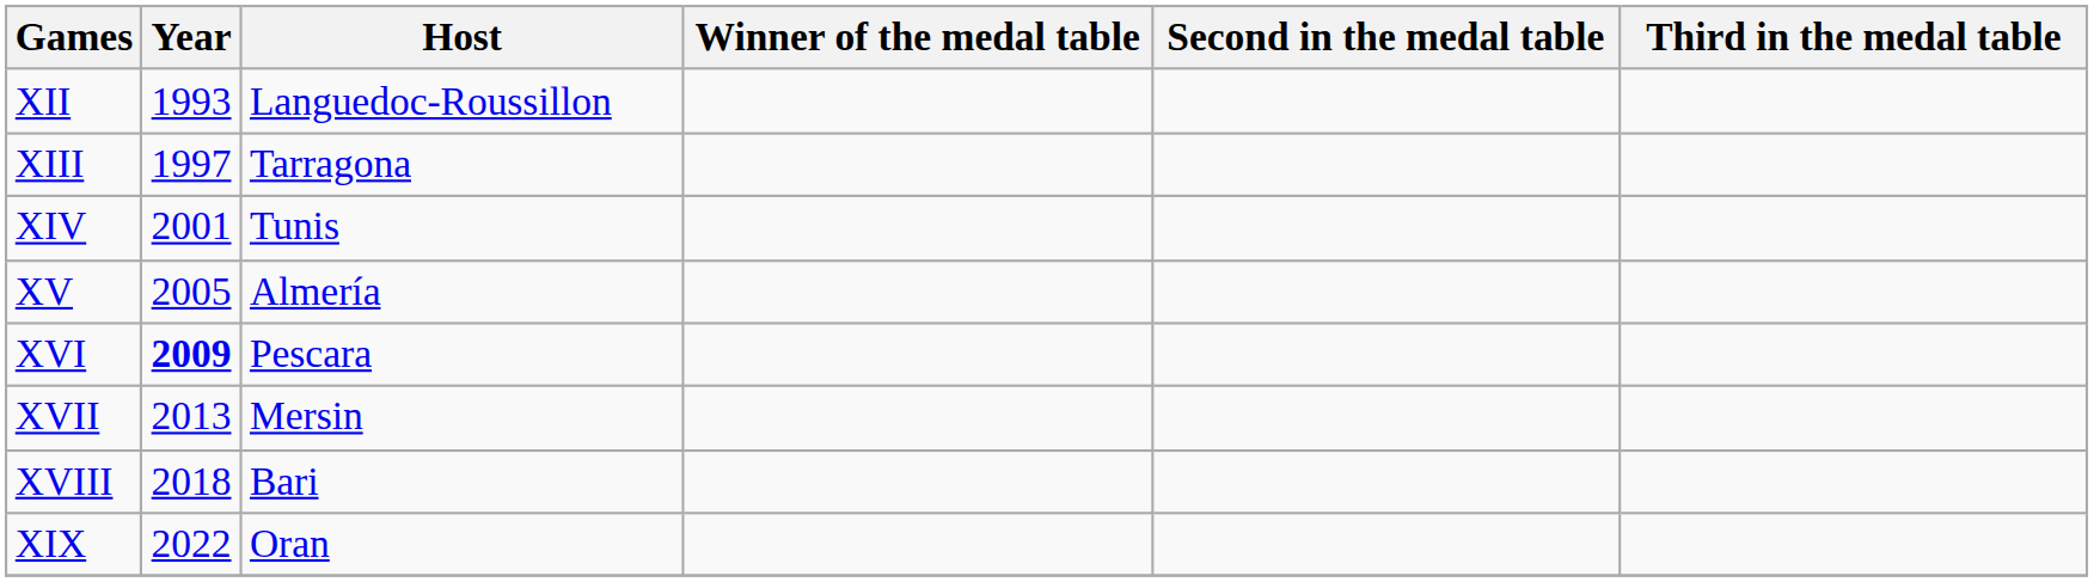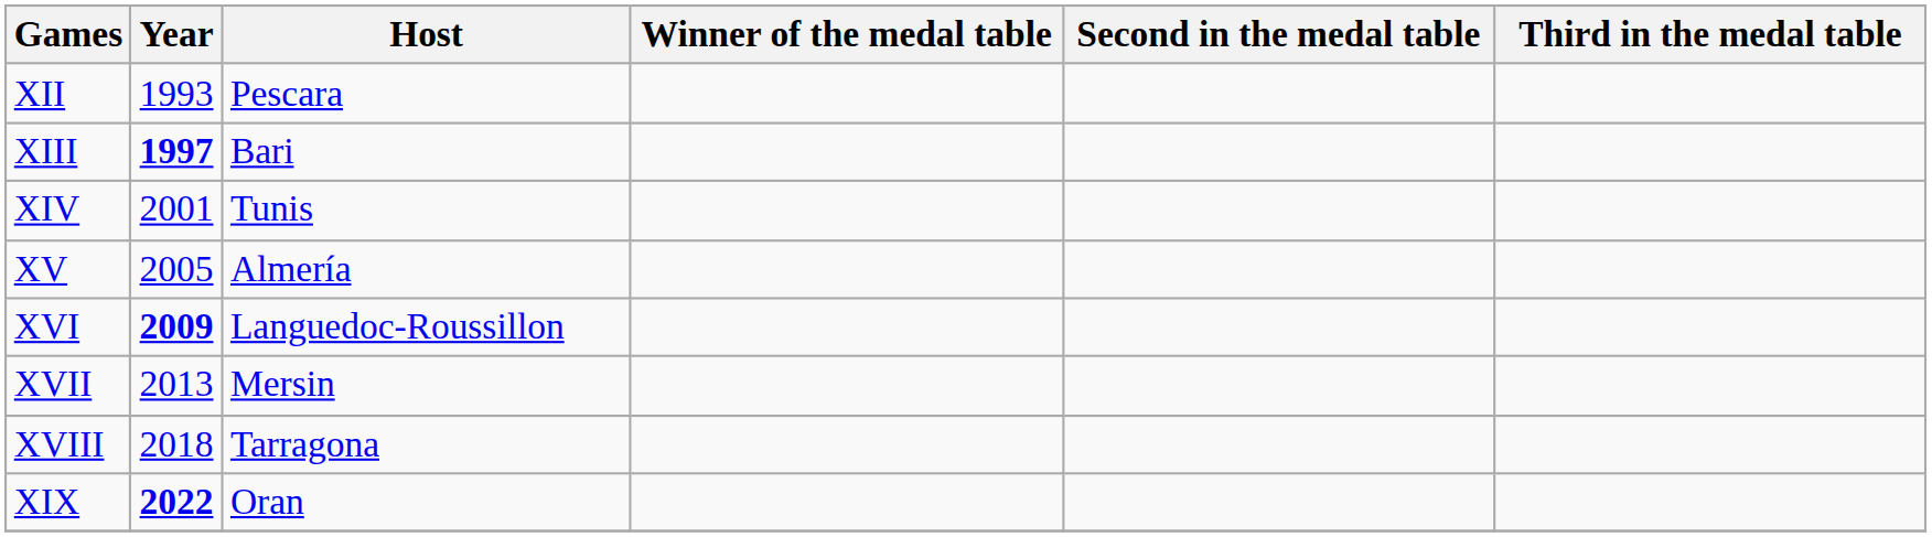 <table class=wikitable style=font-size:100%;>
 <tr>
 <th width=40>Games</th>
 <th width=30>Year</th>
 <th width=170>Host</th>
 <th width=180>Winner of the medal table</th>
 <th width=180>Second in the medal table</th>
 <th width=180>Third in the medal table</th>
 </tr>
 <tr>
 <td><a href='#'>XII</a></td>
 <td><a href='#'>1993</a></td>
-<td> <a href='#'>Languedoc-Roussillon</a></td>
+<td> <a href='#'>Pescara</a></td>
 <td></td>
 <td></td>
 <td></td>
 </tr>
 <tr>
 <td><a href='#'>XIII</a></td>
-<td><a href='#'>1997</a></td>
-<td> <a href='#'>Tarragona</a></td>
+<td><strong><a href='#'>1997</a></strong></td>
+<td> <a href='#'>Bari</a></td>
 <td></td>
 <td></td>
 <td></td>
 </tr>
 <tr>
 <td><a href='#'>XIV</a></td>
 <td><a href='#'>2001</a></td>
 <td> <a href='#'>Tunis</a></td>
 <td></td>
 <td></td>
 <td></td>
 </tr>
 <tr>
 <td><a href='#'>XV</a></td>
 <td><a href='#'>2005</a></td>
 <td> <a href='#'>Almería</a></td>
 <td></td>
 <td></td>
 <td></td>
 </tr>
 <tr>
 <td><a href='#'>XVI</a></td>
 <td><strong><a href='#'>2009</a></strong></td>
-<td> <a href='#'>Pescara</a></td>
+<td> <a href='#'>Languedoc-Roussillon</a></td>
 <td></td>
 <td></td>
 <td></td>
 </tr>
 <tr>
 <td><a href='#'>XVII</a></td>
 <td><a href='#'>2013</a></td>
 <td> <a href='#'>Mersin</a></td>
 <td></td>
 <td></td>
 <td></td>
 </tr>
 <tr>
 <td><a href='#'>XVIII</a></td>
 <td><a href='#'>2018</a></td>
-<td> <a href='#'>Bari</a></td>
+<td> <a href='#'>Tarragona</a></td>
 <td></td>
 <td></td>
 <td></td>
 </tr>
 <tr>
 <td><a href='#'>XIX</a></td>
-<td><a href='#'>2022</a></td>
+<td><strong><a href='#'>2022</a></strong></td>
 <td> <a href='#'>Oran</a></td>
 <td></td>
 <td></td>
 <td></td>
 </tr>
 <tr>
 </tr>
 </table>
